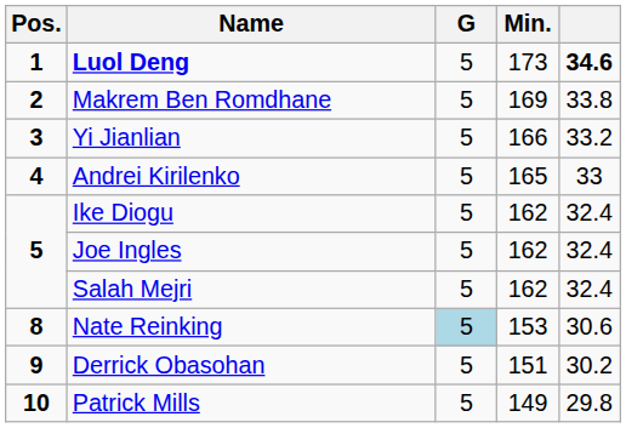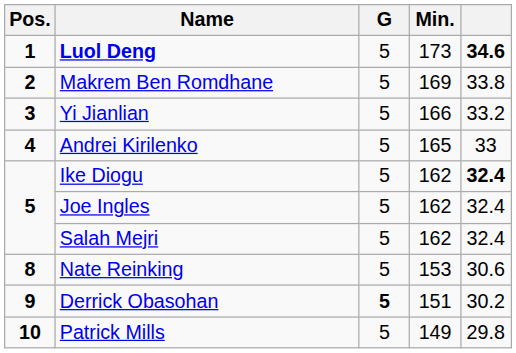 <table class="wikitable">
 <tr>
 <th style="width:10%;">Pos.</th>
 <th>Name</th>
 <th style="width:10%;">G</th>
 <th style="width:10%;">Min.</th>
 <th style="width:10%;"></th>
 </tr>
 <tr align=center>
 <td><strong>1</strong></td>
 <td align=left> <strong><a href='#'>Luol Deng</a></strong></td>
 <td>5</td>
 <td>173</td>
 <td><strong>34.6</strong></td>
 </tr>
 <tr align=center>
 <td><strong>2</strong></td>
 <td align=left> <a href='#'>Makrem Ben Romdhane</a></td>
 <td>5</td>
 <td>169</td>
 <td>33.8</td>
 </tr>
 <tr align=center>
 <td><strong>3</strong></td>
 <td align=left> <a href='#'>Yi Jianlian</a></td>
 <td>5</td>
 <td>166</td>
 <td>33.2</td>
 </tr>
 <tr align=center>
 <td><strong>4</strong></td>
 <td align=left> <a href='#'>Andrei Kirilenko</a></td>
 <td>5</td>
 <td>165</td>
 <td>33</td>
 </tr>
 <tr align=center>
 <td rowspan=3><strong>5</strong></td>
 <td align=left> <a href='#'>Ike Diogu</a></td>
 <td>5</td>
 <td>162</td>
-<td>32.4</td>
+<td><strong>32.4</strong></td>
 </tr>
 <tr align=center>
 <td align=left> <a href='#'>Joe Ingles</a></td>
 <td>5</td>
 <td>162</td>
 <td>32.4</td>
 </tr>
 <tr align=center>
 <td align=left> <a href='#'>Salah Mejri</a></td>
 <td>5</td>
 <td>162</td>
 <td>32.4</td>
 </tr>
 <tr align=center>
 <td><strong>8</strong></td>
 <td align=left> <a href='#'>Nate Reinking</a></td>
-<td style="background: lightblue;">5</td>
+<td>5</td>
 <td>153</td>
 <td>30.6</td>
 </tr>
 <tr align=center>
 <td><strong>9</strong></td>
 <td align=left> <a href='#'>Derrick Obasohan</a></td>
-<td>5</td>
+<td><strong>5</strong></td>
 <td>151</td>
 <td>30.2</td>
 </tr>
 <tr align=center>
 <td><strong>10</strong></td>
 <td align=left> <a href='#'>Patrick Mills</a></td>
 <td>5</td>
 <td>149</td>
 <td>29.8</td>
 </tr>
 </table>
